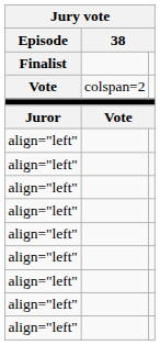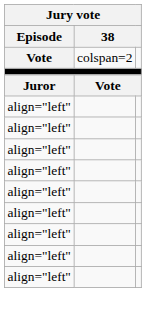 <table class="wikitable" style="text-align: center;">
 <tr>
 <th colspan=3>Jury vote</th>
 </tr>
 <tr>
 <th>Episode</th>
 <th colspan=2>38</th>
-</tr>
-<tr>
-<th>Finalist</th>
-<td></td>
-<td></td>
 </tr>
 <tr>
 <th>Vote</th>
 <td>colspan=2 </td>
 </tr>
 <tr>
 <th colspan="3" style="background:#000"></th>
 </tr>
 <tr>
 <th>Juror</th>
 <th colspan=2>Vote</th>
 </tr>
 <tr>
 <td>align="left" </td>
 <td></td>
 <td></td>
 </tr>
 <tr>
 <td>align="left" </td>
 <td></td>
 <td></td>
 </tr>
 <tr>
 <td>align="left" </td>
 <td></td>
 <td></td>
 </tr>
 <tr>
 <td>align="left" </td>
 <td></td>
 <td></td>
 </tr>
 <tr>
 <td>align="left" </td>
 <td></td>
 <td></td>
 </tr>
 <tr>
 <td>align="left" </td>
 <td></td>
 <td></td>
 </tr>
 <tr>
 <td>align="left" </td>
 <td></td>
 <td></td>
 </tr>
 <tr>
 <td>align="left" </td>
 <td></td>
 <td></td>
 </tr>
 <tr>
 <td>align="left" </td>
 <td></td>
 <td></td>
 </tr>
 </table>
